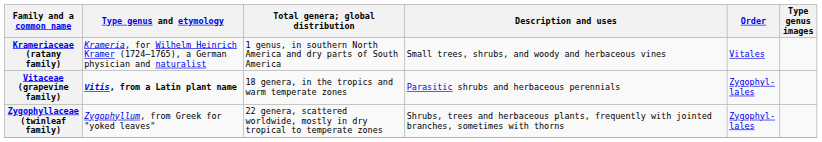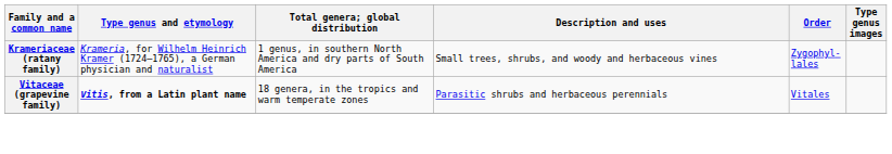 <table class="sortable wikitable plainrowheaders">
 <tr>
 <th scope="col" width="1%">Family and a <a href='#'>common name</a></th>
 <th scope="col" width="15%"><a href='#'>Type genus</a> and <a href='#'>etymology</a></th>
 <th scope="col" width="15%">Total genera; global distribution</th>
 <th scope="col" class=unsortable width="30%" style="min-width:160px;">Description and uses</th>
 <th scope="col" width="1%"><a href='#'>Order</a></th>
 <th scope="col" width="1%">Type genus images</th>
 </tr>
 <tr>
 <th scope="row"><a href='#'>Krameriaceae</a> (ratany family)</th>
 <td><em><a href='#'>Krameria</a></em>, for <a href='#'>Wilhelm Heinrich Kramer</a> (1724–1765), a German physician and <a href='#'>naturalist</a></td>
 <td>1 genus, in southern North America and dry parts of South America</td>
 <td>Small trees, shrubs, and woody and herbaceous vines</td>
-<td><a href='#'>Vitales</a></td>
+<td><a href='#'>Zygophyl­lales</a></td>
 <td></td>
 </tr>
 <tr>
 <th scope="row"><a href='#'>Vitaceae</a> (grapevine family)</th>
 <td><strong><em><a href='#'>Vitis</a></em>, from a Latin plant name</strong></td>
 <td>18 genera, in the tropics and warm temperate zones</td>
 <td><a href='#'>Parasitic</a> shrubs and herbaceous perennials</td>
-<td><a href='#'>Zygophyl­lales</a></td>
-<td></td>
-</tr>
-<tr>
-<th scope="row"><a href='#'>Zygophyllaceae</a> (twinleaf family)</th>
-<td><em><a href='#'>Zygophyllum</a></em>, from Greek for "yoked leaves"</td>
-<td>22 genera, scattered worldwide, mostly in dry tropical to temperate zones</td>
-<td>Shrubs, trees and herbaceous plants, frequently with jointed branches, sometimes with thorns</td>
-<td><a href='#'>Zygophyl­lales</a></td>
+<td><a href='#'>Vitales</a></td>
 <td></td>
 </tr>
 <tr>
 </tr>
 </table>
